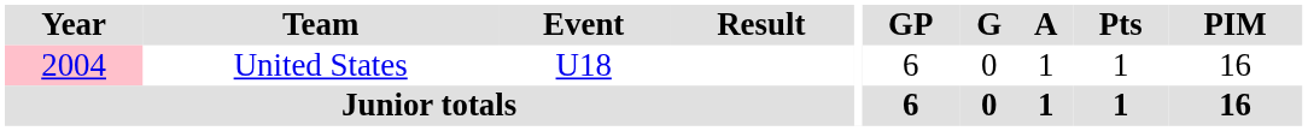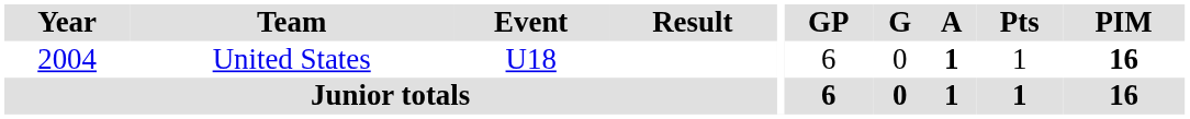 <table border="0" cellpadding="1" cellspacing="0" ID="Table3" style="text-align:center; width:40em">
 <tr ALIGN="center" bgcolor="#e0e0e0">
 <th>Year</th>
 <th>Team</th>
 <th>Event</th>
 <th>Result</th>
 <th rowspan="99" bgcolor="#ffffff"></th>
 <th>GP</th>
 <th>G</th>
 <th>A</th>
 <th>Pts</th>
 <th>PIM</th>
 </tr>
 <tr ALIGN="center">
-<td style="background: pink;"><a href='#'>2004</a></td>
+<td><a href='#'>2004</a></td>
 <td><a href='#'>United States</a></td>
 <td><a href='#'>U18</a></td>
 <td></td>
 <td>6</td>
 <td>0</td>
+<td><strong>1</strong></td>
 <td>1</td>
-<td>1</td>
-<td>16</td>
+<td><strong>16</strong></td>
 </tr>
 <tr bgcolor="#e0e0e0">
 <th colspan="4">Junior totals</th>
 <th>6</th>
 <th>0</th>
 <th>1</th>
 <th>1</th>
 <th>16</th>
 </tr>
 </table>
